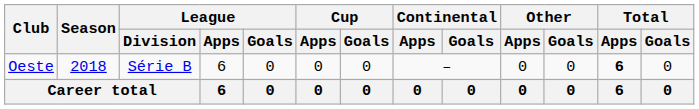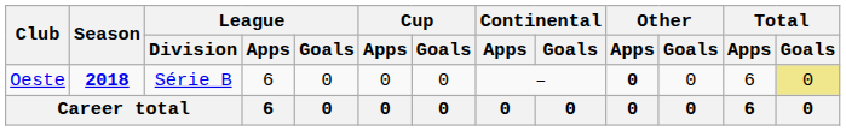 <table class="wikitable" style="text-align: center">
 <tr>
 <th rowspan="2">Club</th>
 <th rowspan="2">Season</th>
 <th colspan="3">League</th>
 <th colspan="2">Cup</th>
 <th colspan="2">Continental</th>
 <th colspan="2">Other</th>
 <th colspan="2">Total</th>
 </tr>
 <tr>
 <th>Division</th>
 <th>Apps</th>
 <th>Goals</th>
 <th>Apps</th>
 <th>Goals</th>
 <th>Apps</th>
 <th>Goals</th>
 <th>Apps</th>
 <th>Goals</th>
 <th>Apps</th>
 <th>Goals</th>
 </tr>
 <tr>
 <td><a href='#'>Oeste</a></td>
-<td><a href='#'>2018</a></td>
+<td><strong><a href='#'>2018</a></strong></td>
 <td><a href='#'>Série B</a></td>
 <td>6</td>
 <td>0</td>
 <td>0</td>
 <td>0</td>
 <td colspan="2">–</td>
+<td><strong>0</strong></td>
 <td>0</td>
-<td>0</td>
-<td><strong>6</strong></td>
-<td>0</td>
+<td>6</td>
+<td style="background: khaki;">0</td>
 </tr>
 <tr>
 <th colspan="3"><strong>Career total</strong></th>
 <th>6</th>
 <th>0</th>
 <th>0</th>
 <th>0</th>
 <th>0</th>
 <th>0</th>
 <th>0</th>
 <th>0</th>
 <th>6</th>
 <th>0</th>
 </tr>
 </table>
